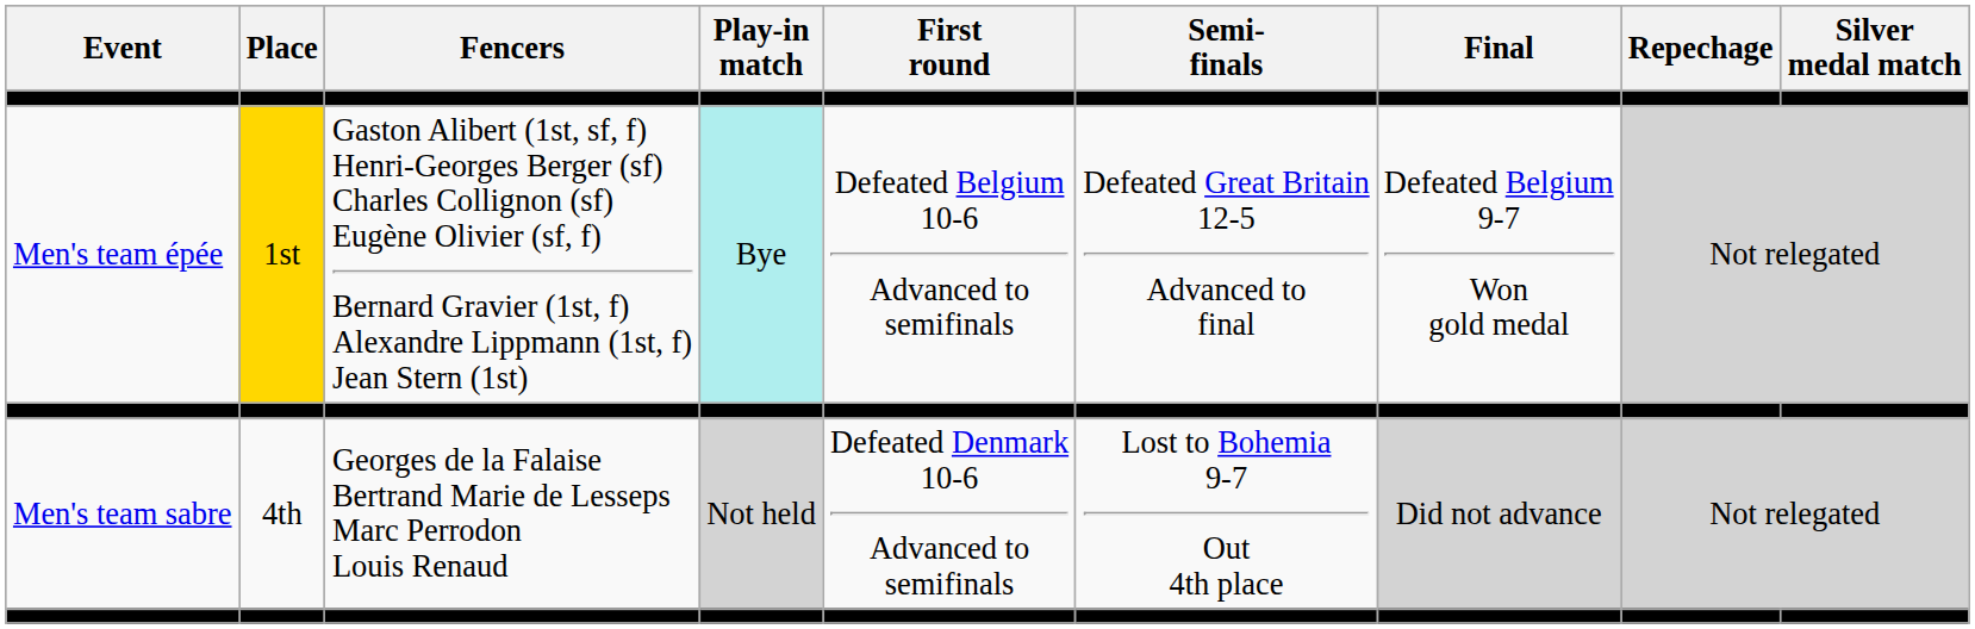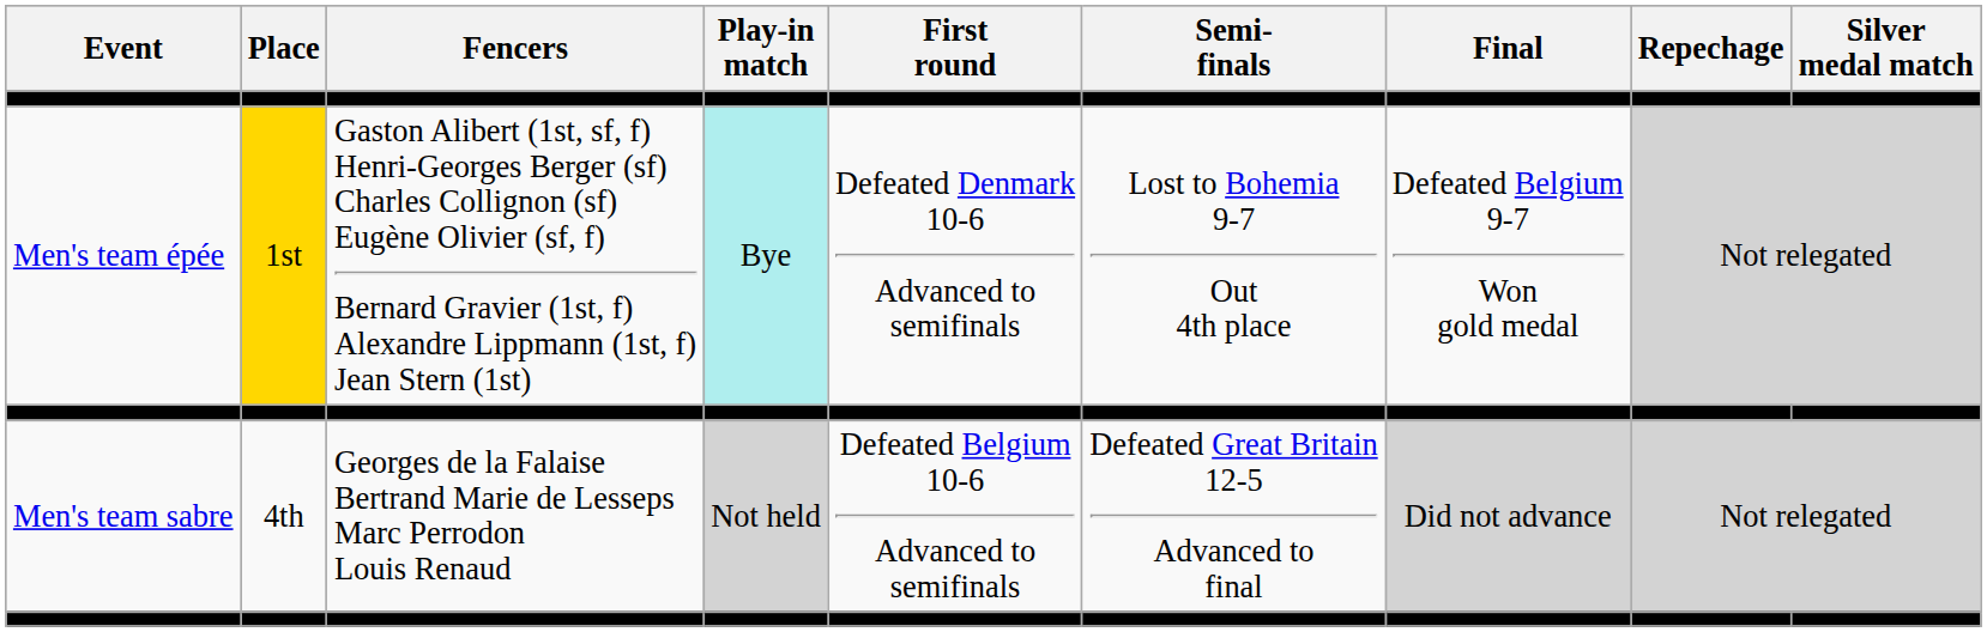 <table class=wikitable>
 <tr>
 <th>Event</th>
 <th>Place</th>
 <th>Fencers</th>
 <th>Play-in <br> match</th>
 <th>First <br> round</th>
 <th>Semi-<br>finals</th>
 <th>Final</th>
 <th>Repechage</th>
 <th>Silver <br> medal match</th>
 </tr>
 <tr bgcolor=black>
 <td></td>
 <td></td>
 <td></td>
 <td></td>
 <td></td>
 <td></td>
 <td></td>
 <td></td>
 <td></td>
 </tr>
 <tr align=center>
 <td align=left><a href='#'>Men's team épée</a></td>
 <td bgcolor=gold>1st</td>
 <td align=left>Gaston Alibert (1st, sf, f) <br> Henri-Georges Berger (sf) <br> Charles Collignon (sf) <br> Eugène Olivier (sf, f) <hr> Bernard Gravier (1st, f) <br> Alexandre Lippmann (1st, f) <br> Jean Stern (1st)</td>
 <td style="background: paleturquoise;">Bye</td>
-<td>Defeated <a href='#'>Belgium</a> <br> 10-6 <hr> Advanced to <br> semifinals</td>
-<td>Defeated <a href='#'>Great Britain</a> <br> 12-5 <hr> Advanced to <br> final</td>
+<td>Defeated <a href='#'>Denmark</a> <br> 10-6 <hr> Advanced to <br> semifinals</td>
+<td>Lost to <a href='#'>Bohemia</a> <br> 9-7 <hr> Out <br> 4th place</td>
 <td>Defeated <a href='#'>Belgium</a> <br> 9-7 <hr> Won <br> gold medal</td>
 <td colspan=2 bgcolor=lightgray>Not relegated</td>
 </tr>
 <tr bgcolor=black>
 <td></td>
 <td></td>
 <td></td>
 <td></td>
 <td></td>
 <td></td>
 <td></td>
 <td></td>
 <td></td>
 </tr>
 <tr align=center>
 <td align=left><a href='#'>Men's team sabre</a></td>
 <td>4th</td>
 <td align=left>Georges de la Falaise <br> Bertrand Marie de Lesseps <br> Marc Perrodon <br> Louis Renaud</td>
 <td bgcolor=lightgray>Not held</td>
-<td>Defeated <a href='#'>Denmark</a> <br> 10-6 <hr> Advanced to <br> semifinals</td>
-<td>Lost to <a href='#'>Bohemia</a> <br> 9-7 <hr> Out <br> 4th place</td>
+<td>Defeated <a href='#'>Belgium</a> <br> 10-6 <hr> Advanced to <br> semifinals</td>
+<td>Defeated <a href='#'>Great Britain</a> <br> 12-5 <hr> Advanced to <br> final</td>
 <td bgcolor=lightgray>Did not advance</td>
 <td colspan=2 bgcolor=lightgray>Not relegated</td>
 </tr>
 <tr bgcolor=black>
 <td></td>
 <td></td>
 <td></td>
 <td></td>
 <td></td>
 <td></td>
 <td></td>
 <td></td>
 <td></td>
 </tr>
 </table>
